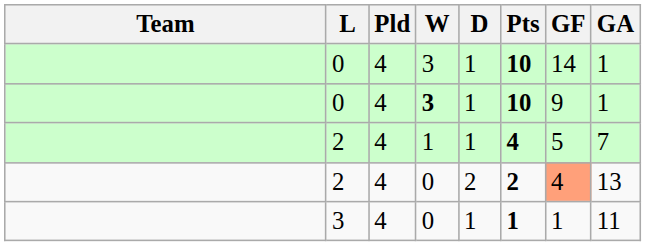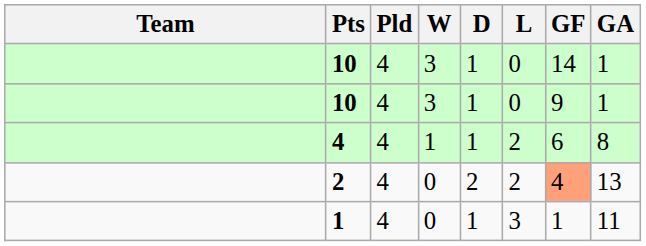 <table class="wikitable">
 <tr>
 <th width=200>Team</th>
-<th width=20>L</th>
+<th width=20>Pts</th>
 <th width=20>Pld</th>
 <th width=20>W</th>
 <th width=20>D</th>
-<th width=20>Pts</th>
+<th width=20>L</th>
 <th width=20>GF</th>
 <th width=20>GA</th>
 </tr>
 <tr style="background:#ccffcc">
 <td style="text-align:left"></td>
-<td>0</td>
+<td><strong>10</strong></td>
 <td>4</td>
 <td>3</td>
 <td>1</td>
-<td><strong>10</strong></td>
+<td>0</td>
 <td>14</td>
 <td>1</td>
 </tr>
 <tr style="background:#ccffcc">
 <td style="text-align:left"></td>
+<td><strong>10</strong></td>
+<td>4</td>
+<td>3</td>
+<td>1</td>
 <td>0</td>
-<td>4</td>
-<td><strong>3</strong></td>
-<td>1</td>
-<td><strong>10</strong></td>
 <td>9</td>
 <td>1</td>
 </tr>
 <tr style="background:#ccffcc">
 <td style="text-align:left"></td>
-<td>2</td>
+<td><strong>4</strong></td>
 <td>4</td>
 <td>1</td>
 <td>1</td>
-<td><strong>4</strong></td>
-<td>5</td>
-<td>7</td>
+<td>2</td>
+<td>6</td>
+<td>8</td>
 </tr>
 <tr>
 <td style="text-align:left"></td>
-<td>2</td>
+<td><strong>2</strong></td>
 <td>4</td>
 <td>0</td>
 <td>2</td>
-<td><strong>2</strong></td>
+<td>2</td>
 <td style="background: lightsalmon;">4</td>
 <td>13</td>
 </tr>
 <tr>
 <td style="text-align:left"></td>
-<td>3</td>
+<td><strong>1</strong></td>
 <td>4</td>
 <td>0</td>
 <td>1</td>
-<td><strong>1</strong></td>
+<td>3</td>
 <td>1</td>
 <td>11</td>
 </tr>
 </table>
